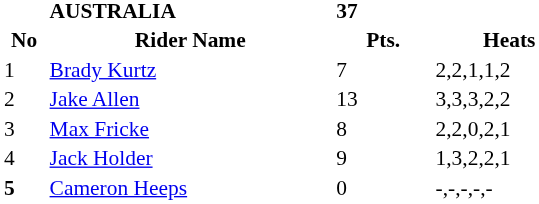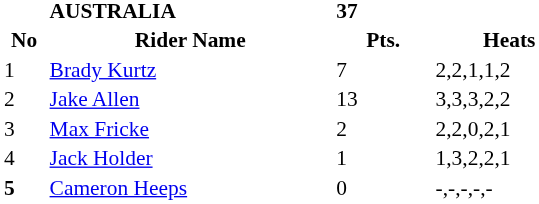 <table class="toccolours">
 <tr>
 <td></td>
 <td><strong>AUSTRALIA</strong></td>
 <td><strong>37</strong></td>
 </tr>
 <tr style="background-color:">
 <th width=30px>No</th>
 <th width=210px>Rider Name</th>
 <th width=70px>Pts.</th>
 <th width=110px>Heats</th>
 </tr>
 <tr style="background-color:">
 <td>1</td>
 <td><a href='#'>Brady Kurtz</a></td>
 <td>7</td>
 <td>2,2,1,1,2</td>
 </tr>
 <tr style="background-color:">
 <td>2</td>
 <td><a href='#'>Jake Allen</a></td>
 <td>13</td>
 <td>3,3,3,2,2</td>
 </tr>
 <tr style="background-color:">
 <td>3</td>
 <td><a href='#'>Max Fricke</a></td>
-<td>8</td>
+<td>2</td>
 <td>2,2,0,2,1</td>
 </tr>
 <tr style="background-color:">
 <td>4</td>
 <td><a href='#'>Jack Holder</a></td>
-<td>9</td>
+<td>1</td>
 <td>1,3,2,2,1</td>
 </tr>
 <tr style="background-color:">
 <td><strong>5</strong></td>
 <td><a href='#'>Cameron Heeps</a></td>
 <td>0</td>
 <td>-,-,-,-,-</td>
 </tr>
 </table>
